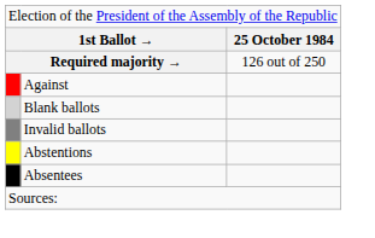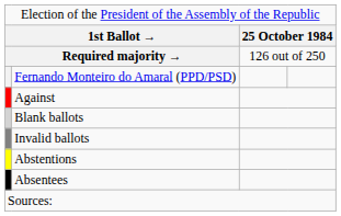 <table class="wikitable" style="text-align:center;">
 <tr>
 <td colspan="4" align="center">Election of the <a href='#'>President of the Assembly of the Republic</a></td>
 </tr>
 <tr>
 <th colspan="2" width="225px">1st Ballot →</th>
 <th colspan="2">25 October 1984</th>
 </tr>
 <tr>
 <th colspan="2">Required majority →</th>
 <td colspan="2">126 out of 250</td>
+</tr>
+<tr>
+<th width="1px" style="background:"></th>
+<td align="left"><a href='#'>Fernando Monteiro do Amaral</a> (<a href='#'>PPD/PSD</a>)</td>
+<td></td>
+<td></td>
 </tr>
 <tr>
 <th style="background:red;"></th>
 <td align="left">Against</td>
 <td colspan="2"></td>
 </tr>
 <tr>
 <th style="background:lightgray;"></th>
 <td align="left">Blank ballots</td>
 <td colspan="2"></td>
 </tr>
 <tr>
 <th style="background:gray;"></th>
 <td align="left">Invalid ballots</td>
 <td colspan="2"></td>
 </tr>
 <tr>
 <th style="background:yellow;"></th>
 <td align="left">Abstentions</td>
 <td colspan="2"></td>
 </tr>
 <tr>
 <th style="background:black;"></th>
 <td align="left">Absentees</td>
 <td colspan="2"></td>
 </tr>
 <tr>
 <td align="left" colspan="4">Sources:</td>
 </tr>
 </table>
